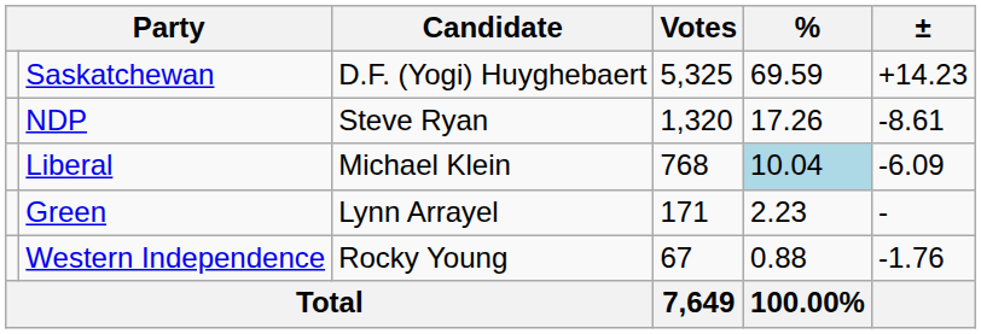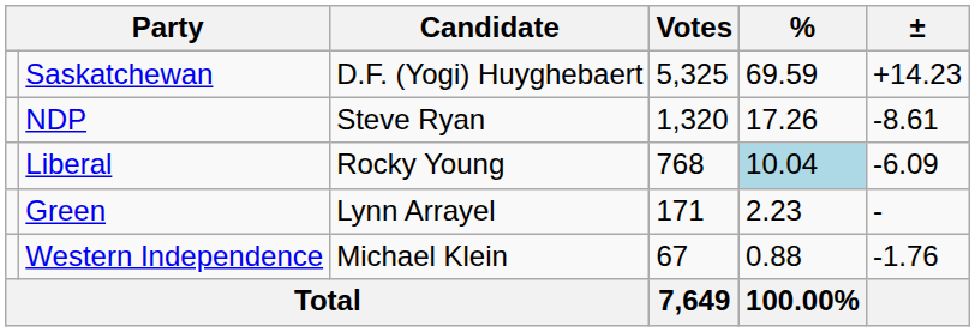 <table class="wikitable">
 <tr>
 <th colspan="2">Party</th>
 <th>Candidate</th>
 <th>Votes</th>
 <th>%</th>
 <th>±</th>
 </tr>
 <tr>
 <td></td>
 <td><a href='#'>Saskatchewan</a></td>
 <td>D.F. (Yogi) Huyghebaert</td>
 <td>5,325</td>
 <td>69.59</td>
 <td>+14.23</td>
 </tr>
 <tr>
 <td></td>
 <td><a href='#'>NDP</a></td>
 <td>Steve Ryan</td>
 <td>1,320</td>
 <td>17.26</td>
 <td>-8.61</td>
 </tr>
 <tr>
 <td></td>
 <td><a href='#'>Liberal</a></td>
-<td>Michael Klein</td>
+<td>Rocky Young</td>
 <td>768</td>
 <td style="background: lightblue;">10.04</td>
 <td>-6.09</td>
 </tr>
 <tr>
 <td></td>
 <td><a href='#'>Green</a></td>
 <td>Lynn Arrayel</td>
 <td>171</td>
 <td>2.23</td>
 <td>-</td>
 </tr>
 <tr>
 <td></td>
 <td><a href='#'>Western Independence</a></td>
-<td>Rocky Young</td>
+<td>Michael Klein</td>
 <td>67</td>
 <td>0.88</td>
 <td>-1.76</td>
 </tr>
 <tr>
 <th colspan="3">Total</th>
 <th>7,649</th>
 <th>100.00%</th>
 <th></th>
 </tr>
 </table>
